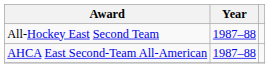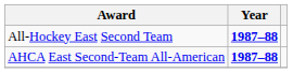 <table class="wikitable">
 <tr>
 <th>Award</th>
 <th>Year</th>
 <th></th>
 </tr>
 <tr>
 <td>All-<a href='#'>Hockey East</a> <a href='#'>Second Team</a></td>
-<td><a href='#'>1987–88</a></td>
+<td><strong><a href='#'>1987–88</a></strong></td>
 <td></td>
 </tr>
 <tr>
 <td><a href='#'>AHCA</a> <a href='#'>East Second-Team All-American</a></td>
-<td><a href='#'>1987–88</a></td>
+<td><strong><a href='#'>1987–88</a></strong></td>
 <td></td>
 </tr>
 <tr>
 </tr>
 </table>
